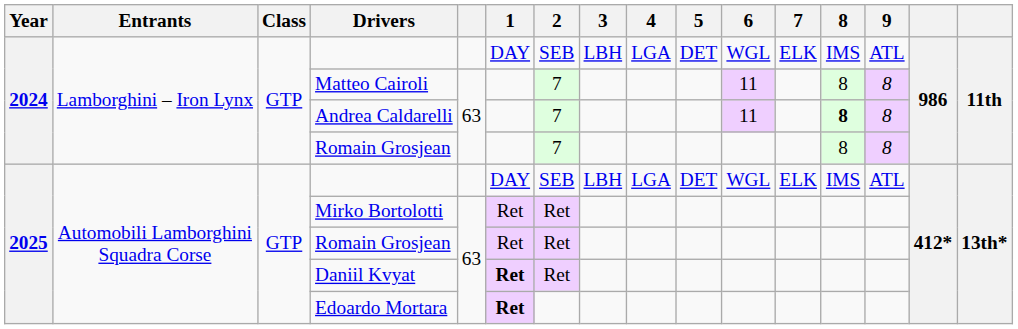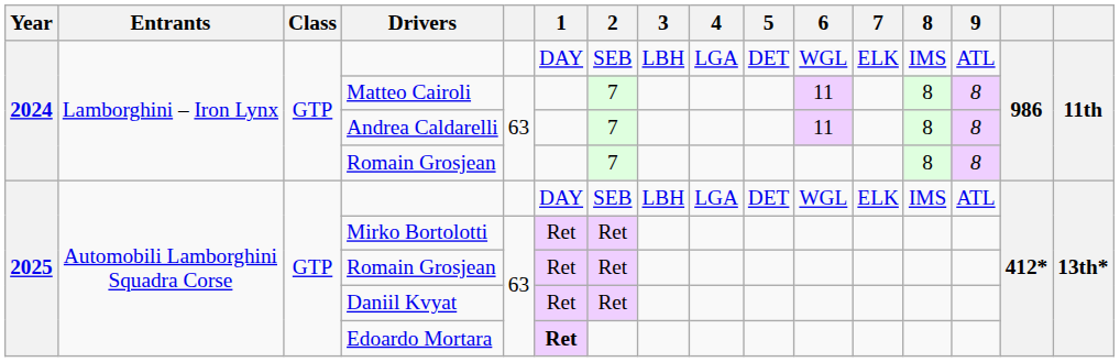 <table class="wikitable" style="text-align:center; font-size:90%">
 <tr>
 <th>Year</th>
 <th>Entrants</th>
 <th>Class</th>
 <th>Drivers</th>
 <th></th>
 <th>1</th>
 <th>2</th>
 <th>3</th>
 <th>4</th>
 <th>5</th>
 <th>6</th>
 <th>7</th>
 <th>8</th>
 <th>9</th>
 <th></th>
 <th></th>
 </tr>
 <tr>
 <th rowspan=4><a href='#'>2024</a></th>
 <td rowspan=4><a href='#'>Lamborghini</a> – <a href='#'>Iron Lynx</a></td>
 <td rowspan=4><a href='#'>GTP</a></td>
 <td></td>
 <td></td>
 <td><a href='#'>DAY</a></td>
 <td><a href='#'>SEB</a></td>
 <td><a href='#'>LBH</a></td>
 <td><a href='#'>LGA</a></td>
 <td><a href='#'>DET</a></td>
 <td><a href='#'>WGL</a></td>
 <td><a href='#'>ELK</a></td>
 <td><a href='#'>IMS</a></td>
 <td><a href='#'>ATL</a></td>
 <th rowspan=4>986</th>
 <th rowspan=4>11th</th>
 </tr>
 <tr>
 <td align="left"> <a href='#'>Matteo Cairoli</a></td>
 <td rowspan=3>63</td>
 <td></td>
 <td style="background:#DFFFDF;">7</td>
 <td></td>
 <td></td>
 <td></td>
 <td style="background:#EFCFFF;">11</td>
 <td></td>
 <td style="background:#DFFFDF;">8</td>
 <td style="background:#EFCFFF;"><em>8</em></td>
 </tr>
 <tr>
 <td align="left"> <a href='#'>Andrea Caldarelli</a></td>
 <td></td>
 <td style="background:#DFFFDF;">7</td>
 <td></td>
 <td></td>
 <td></td>
 <td style="background:#EFCFFF;">11</td>
 <td></td>
-<td style="background:#DFFFDF;"><strong>8</strong></td>
+<td style="background:#DFFFDF;">8</td>
 <td style="background:#EFCFFF;"><em>8</em></td>
 </tr>
 <tr>
 <td align="left"> <a href='#'>Romain Grosjean</a></td>
 <td></td>
 <td style="background:#DFFFDF;">7</td>
 <td></td>
 <td></td>
 <td></td>
 <td></td>
 <td></td>
 <td style="background:#DFFFDF;">8</td>
 <td style="background:#EFCFFF;"><em>8</em></td>
 </tr>
 <tr>
 <th rowspan="5"><a href='#'>2025</a></th>
 <td rowspan="5"><a href='#'>Automobili Lamborghini<br>Squadra Corse</a> </td>
 <td rowspan="5"><a href='#'>GTP</a></td>
 <td></td>
 <td></td>
 <td><a href='#'>DAY</a></td>
 <td><a href='#'>SEB</a></td>
 <td><a href='#'>LBH</a></td>
 <td><a href='#'>LGA</a></td>
 <td><a href='#'>DET</a></td>
 <td><a href='#'>WGL</a></td>
 <td><a href='#'>ELK</a></td>
 <td><a href='#'>IMS</a></td>
 <td><a href='#'>ATL</a></td>
 <th rowspan="5">412*</th>
 <th rowspan="5">13th*</th>
 </tr>
 <tr>
 <td align="left "> <a href='#'>Mirko Bortolotti</a></td>
 <td rowspan="4">63</td>
 <td style="background:#EFCFFF;">Ret</td>
 <td style="background:#EFCFFF;">Ret</td>
 <td></td>
 <td></td>
 <td></td>
 <td></td>
 <td></td>
 <td></td>
 <td></td>
 </tr>
 <tr>
 <td align="left"> <a href='#'>Romain Grosjean</a></td>
 <td style="background:#EFCFFF;">Ret</td>
 <td style="background:#EFCFFF;">Ret</td>
 <td></td>
 <td></td>
 <td></td>
 <td></td>
 <td></td>
 <td></td>
 <td></td>
 </tr>
 <tr>
 <td align="left"> <a href='#'>Daniil Kvyat</a></td>
-<td style="background:#EFCFFF;"><strong>Ret</strong></td>
+<td style="background:#EFCFFF;">Ret</td>
 <td style="background:#EFCFFF;">Ret</td>
 <td></td>
 <td></td>
 <td></td>
 <td></td>
 <td></td>
 <td></td>
 </tr>
 <tr>
 <td align="left"> <a href='#'>Edoardo Mortara</a></td>
 <td style="background:#EFCFFF;"><strong>Ret</strong></td>
 <td></td>
 <td></td>
 <td></td>
 <td></td>
 <td></td>
 <td></td>
 <td></td>
 <td></td>
 </tr>
 </table>
